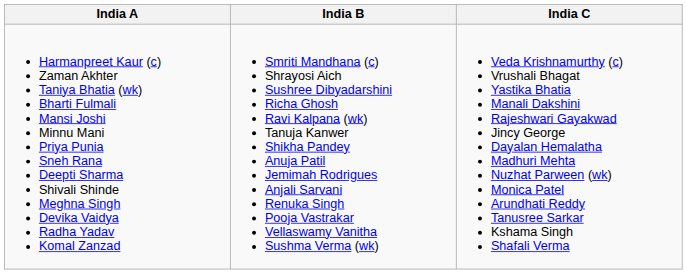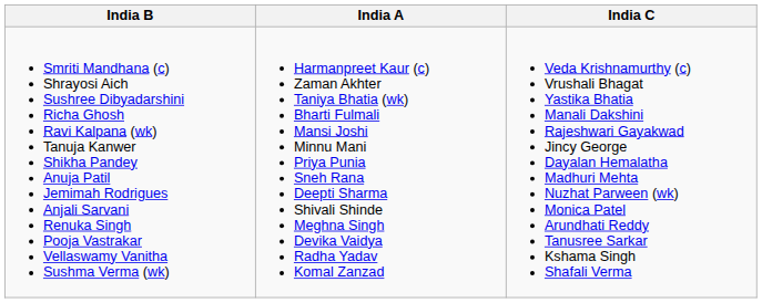 <table class="wikitable">
 <tr>
+<th style="width:25%;">India B</th>
 <th style="width:25%;">India A</th>
-<th style="width:25%;">India B</th>
 <th style="width:25%;">India C</th>
 </tr>
 <tr style="vertical-align:top">
+<td><br><ul><li><a href='#'>Smriti Mandhana</a> (<a href='#'>c</a>)</li><li>Shrayosi Aich</li><li><a href='#'>Sushree Dibyadarshini</a></li><li><a href='#'>Richa Ghosh</a></li><li><a href='#'>Ravi Kalpana</a> (<a href='#'>wk</a>)</li><li>Tanuja Kanwer</li><li><a href='#'>Shikha Pandey</a></li><li><a href='#'>Anuja Patil</a></li><li><a href='#'>Jemimah Rodrigues</a></li><li><a href='#'>Anjali Sarvani</a></li><li><a href='#'>Renuka Singh</a></li><li><a href='#'>Pooja Vastrakar</a></li><li><a href='#'>Vellaswamy Vanitha</a></li><li><a href='#'>Sushma Verma</a> (<a href='#'>wk</a>)</li></ul></td>
 <td><br><ul><li><a href='#'>Harmanpreet Kaur</a> (<a href='#'>c</a>)</li><li>Zaman Akhter</li><li><a href='#'>Taniya Bhatia</a> (<a href='#'>wk</a>)</li><li><a href='#'>Bharti Fulmali</a></li><li><a href='#'>Mansi Joshi</a></li><li>Minnu Mani</li><li><a href='#'>Priya Punia</a></li><li><a href='#'>Sneh Rana</a></li><li><a href='#'>Deepti Sharma</a></li><li>Shivali Shinde</li><li><a href='#'>Meghna Singh</a></li><li><a href='#'>Devika Vaidya</a></li><li><a href='#'>Radha Yadav</a></li><li><a href='#'>Komal Zanzad</a></li></ul></td>
-<td><br><ul><li><a href='#'>Smriti Mandhana</a> (<a href='#'>c</a>)</li><li>Shrayosi Aich</li><li><a href='#'>Sushree Dibyadarshini</a></li><li><a href='#'>Richa Ghosh</a></li><li><a href='#'>Ravi Kalpana</a> (<a href='#'>wk</a>)</li><li>Tanuja Kanwer</li><li><a href='#'>Shikha Pandey</a></li><li><a href='#'>Anuja Patil</a></li><li><a href='#'>Jemimah Rodrigues</a></li><li><a href='#'>Anjali Sarvani</a></li><li><a href='#'>Renuka Singh</a></li><li><a href='#'>Pooja Vastrakar</a></li><li><a href='#'>Vellaswamy Vanitha</a></li><li><a href='#'>Sushma Verma</a> (<a href='#'>wk</a>)</li></ul></td>
 <td><br><ul><li><a href='#'>Veda Krishnamurthy</a> (<a href='#'>c</a>)</li><li>Vrushali Bhagat</li><li><a href='#'>Yastika Bhatia</a></li><li><a href='#'>Manali Dakshini</a></li><li><a href='#'>Rajeshwari Gayakwad</a></li><li>Jincy George</li><li><a href='#'>Dayalan Hemalatha</a></li><li><a href='#'>Madhuri Mehta</a></li><li><a href='#'>Nuzhat Parween</a> (<a href='#'>wk</a>)</li><li><a href='#'>Monica Patel</a></li><li><a href='#'>Arundhati Reddy</a></li><li><a href='#'>Tanusree Sarkar</a></li><li>Kshama Singh</li><li><a href='#'>Shafali Verma</a></li></ul></td>
 </tr>
 </table>
